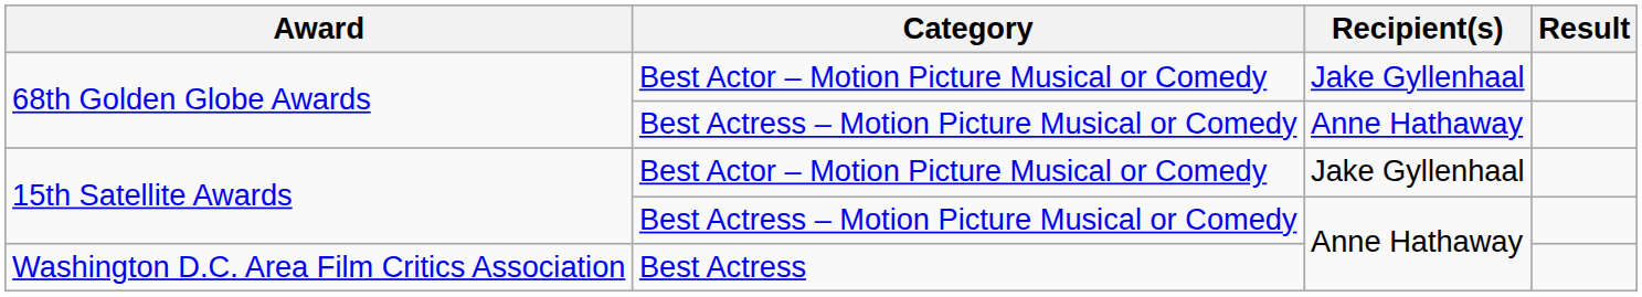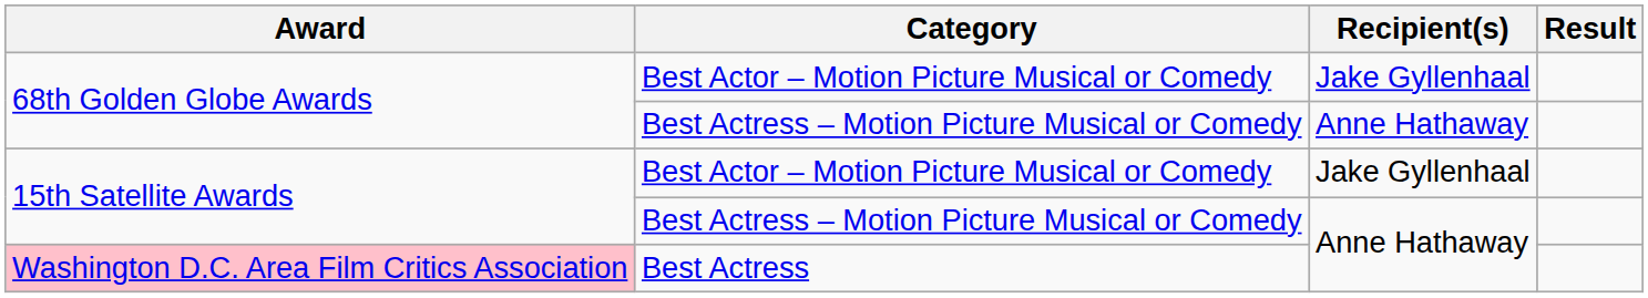 <table class="wikitable">
 <tr>
 <th>Award</th>
 <th>Category</th>
 <th>Recipient(s)</th>
 <th>Result</th>
 </tr>
 <tr>
 <td rowspan="2"><a href='#'>68th Golden Globe Awards</a></td>
 <td><a href='#'>Best Actor – Motion Picture Musical or Comedy</a></td>
 <td><a href='#'>Jake Gyllenhaal</a></td>
 <td></td>
 </tr>
 <tr>
 <td><a href='#'>Best Actress – Motion Picture Musical or Comedy</a></td>
 <td><a href='#'>Anne Hathaway</a></td>
 <td></td>
 </tr>
 <tr>
 <td rowspan="2"><a href='#'>15th Satellite Awards</a></td>
 <td><a href='#'>Best Actor – Motion Picture Musical or Comedy</a></td>
 <td>Jake Gyllenhaal</td>
 <td></td>
 </tr>
 <tr>
 <td><a href='#'>Best Actress – Motion Picture Musical or Comedy</a></td>
 <td rowspan="2">Anne Hathaway</td>
 <td></td>
 </tr>
 <tr>
-<td><a href='#'>Washington D.C. Area Film Critics Association</a></td>
+<td style="background: pink;"><a href='#'>Washington D.C. Area Film Critics Association</a></td>
 <td><a href='#'>Best Actress</a></td>
 <td></td>
 </tr>
 </table>
